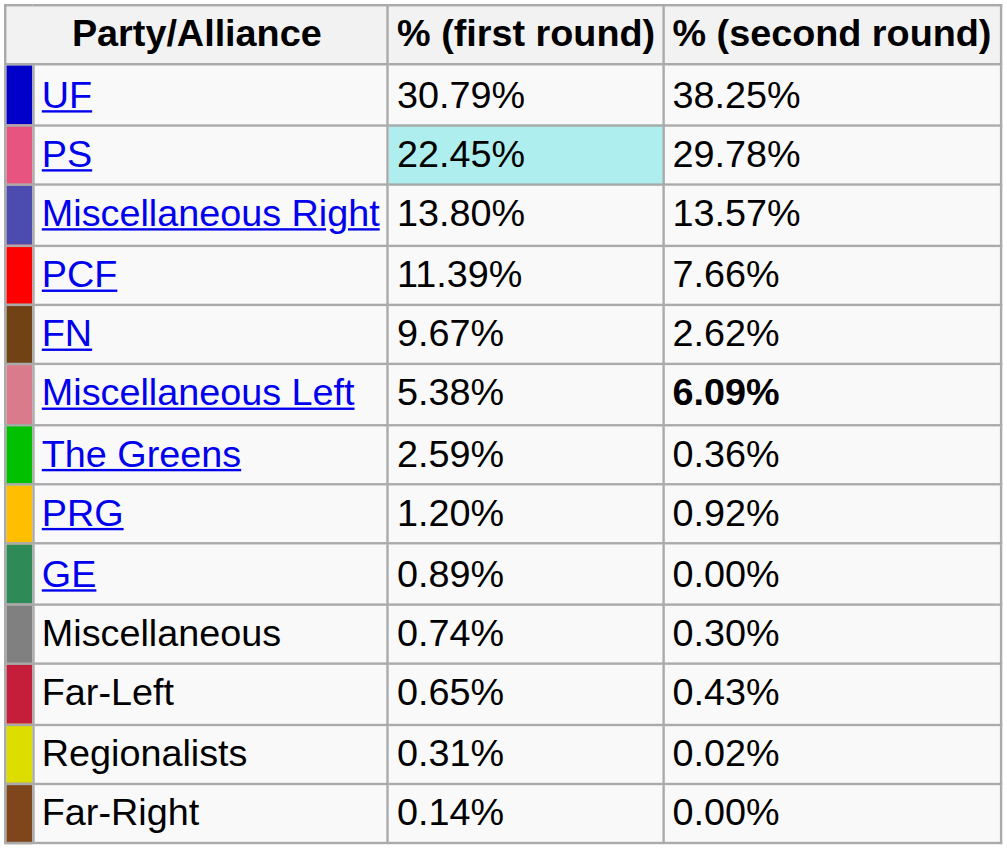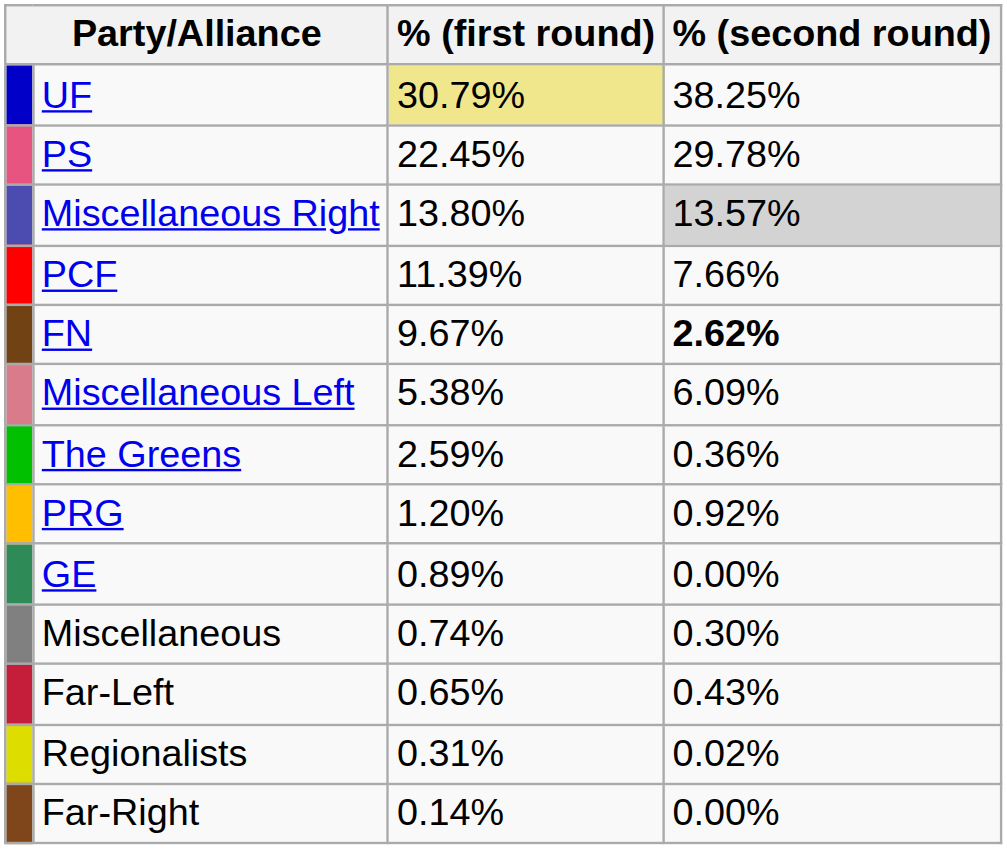 <table class="wikitable">
 <tr bgcolor=lightgrey>
 <th colspan=2>Party/Alliance</th>
 <th>% (first round)</th>
 <th>% (second round)</th>
 </tr>
 <tr>
 <td bgcolor="#0000C8"> </td>
 <td><a href='#'>UF</a></td>
-<td>30.79%</td>
+<td style="background: khaki;">30.79%</td>
 <td>38.25%</td>
 </tr>
 <tr>
 <td bgcolor="#E75480"> </td>
 <td><a href='#'>PS</a></td>
-<td style="background: paleturquoise;">22.45%</td>
+<td>22.45%</td>
 <td>29.78%</td>
 </tr>
 <tr>
 <td bgcolor="#4C4CB0"></td>
 <td><a href='#'>Miscellaneous Right</a></td>
 <td>13.80%</td>
-<td>13.57%</td>
+<td style="background: lightgrey;">13.57%</td>
 </tr>
 <tr>
 <td bgcolor="#FF0000"></td>
 <td><a href='#'>PCF</a></td>
 <td>11.39%</td>
 <td>7.66%</td>
 </tr>
 <tr>
 <td bgcolor="#704214"></td>
 <td><a href='#'>FN</a></td>
 <td>9.67%</td>
-<td>2.62%</td>
+<td><strong>2.62%</strong></td>
 </tr>
 <tr>
 <td bgcolor="#DA7B8B"></td>
 <td><a href='#'>Miscellaneous Left</a></td>
 <td>5.38%</td>
-<td><strong>6.09%</strong></td>
+<td>6.09%</td>
 </tr>
 <tr>
 <td bgcolor="#00c000"></td>
 <td><a href='#'>The Greens</a></td>
 <td>2.59%</td>
 <td>0.36%</td>
 </tr>
 <tr>
 <td bgcolor="#FFBF00"></td>
 <td><a href='#'>PRG</a></td>
 <td>1.20%</td>
 <td>0.92%</td>
 </tr>
 <tr>
 <td bgcolor="#2E8B57"></td>
 <td><a href='#'>GE</a></td>
 <td>0.89%</td>
 <td>0.00%</td>
 </tr>
 <tr>
 <td bgcolor="gray"></td>
 <td>Miscellaneous</td>
 <td>0.74%</td>
 <td>0.30%</td>
 </tr>
 <tr>
 <td bgcolor="#C41E3A"></td>
 <td>Far-Left</td>
 <td>0.65%</td>
 <td>0.43%</td>
 </tr>
 <tr>
 <td bgcolor="#dddd00"></td>
 <td>Regionalists</td>
 <td>0.31%</td>
 <td>0.02%</td>
 </tr>
 <tr>
 <td bgcolor="#80461B"></td>
 <td>Far-Right</td>
 <td>0.14%</td>
 <td>0.00%</td>
 </tr>
 </table>
